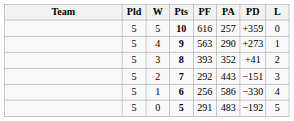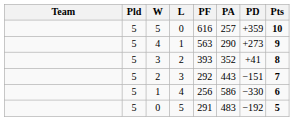 <table class=wikitable style="text-align:center">
 <tr>
 <th width=180>Team</th>
 <th width=30>Pld</th>
 <th width=30>W</th>
-<th width=30>Pts</th>
+<th width=30>L</th>
 <th width=30>PF</th>
 <th width=30>PA</th>
 <th width=30>PD</th>
-<th width=30>L</th>
+<th width=30>Pts</th>
 </tr>
 <tr>
 <td align="left"></td>
 <td>5</td>
 <td>5</td>
-<td><strong>10</strong></td>
+<td>0</td>
 <td>616</td>
 <td>257</td>
 <td>+359</td>
-<td>0</td>
+<td><strong>10</strong></td>
 </tr>
 <tr>
 <td align="left"></td>
 <td>5</td>
 <td>4</td>
-<td><strong>9</strong></td>
+<td>1</td>
 <td>563</td>
 <td>290</td>
 <td>+273</td>
-<td>1</td>
+<td><strong>9</strong></td>
 </tr>
 <tr>
 <td align="left"></td>
 <td>5</td>
 <td>3</td>
-<td><strong>8</strong></td>
+<td>2</td>
 <td>393</td>
 <td>352</td>
 <td>+41</td>
-<td>2</td>
+<td><strong>8</strong></td>
 </tr>
 <tr>
 <td align="left"></td>
 <td>5</td>
 <td>2</td>
-<td><strong>7</strong></td>
+<td>3</td>
 <td>292</td>
 <td>443</td>
 <td>−151</td>
-<td>3</td>
+<td><strong>7</strong></td>
 </tr>
 <tr>
 <td align="left"></td>
 <td>5</td>
 <td>1</td>
-<td><strong>6</strong></td>
+<td>4</td>
 <td>256</td>
 <td>586</td>
 <td>−330</td>
-<td>4</td>
+<td><strong>6</strong></td>
 </tr>
 <tr>
 <td align="left"></td>
 <td>5</td>
 <td>0</td>
-<td><strong>5</strong></td>
+<td>5</td>
 <td>291</td>
 <td>483</td>
 <td>−192</td>
-<td>5</td>
+<td><strong>5</strong></td>
 </tr>
 </table>
